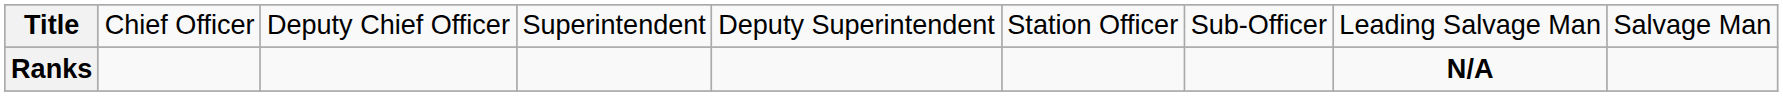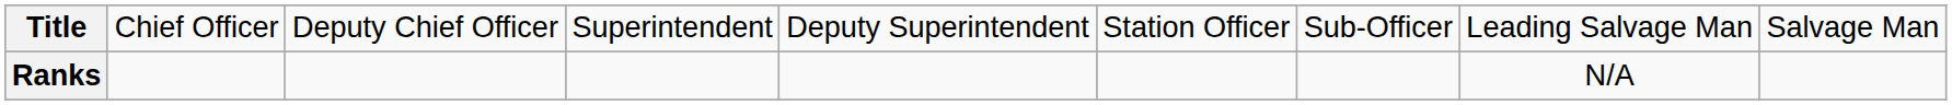 <table class="wikitable">
 <tr style="text-align:center;">
 <th>Title</th>
 <td>Chief Officer</td>
 <td>Deputy Chief Officer</td>
 <td>Superintendent</td>
 <td>Deputy Superintendent</td>
 <td>Station Officer</td>
 <td>Sub-Officer</td>
 <td>Leading Salvage Man</td>
 <td>Salvage Man</td>
 </tr>
 <tr style="text-align:center;">
 <th>Ranks</th>
 <td></td>
 <td></td>
 <td></td>
 <td></td>
 <td></td>
 <td></td>
-<td><strong>N/A</strong></td>
+<td>N/A</td>
 <td></td>
 </tr>
 </table>
